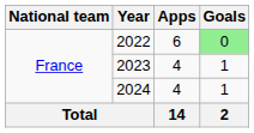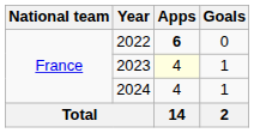 <table class="wikitable" style="text-align: center;">
 <tr>
 <th>National team</th>
 <th>Year</th>
 <th>Apps</th>
 <th>Goals</th>
 </tr>
 <tr>
 <td rowspan="3"><a href='#'>France</a></td>
 <td>2022</td>
-<td>6</td>
-<td style="background: lightgreen;">0</td>
+<td><strong>6</strong></td>
+<td>0</td>
 </tr>
 <tr>
 <td>2023</td>
-<td>4</td>
+<td style="background: lightyellow;">4</td>
 <td>1</td>
 </tr>
 <tr>
 <td>2024</td>
 <td>4</td>
 <td>1</td>
 </tr>
 <tr>
 <th colspan="2">Total</th>
 <th>14</th>
 <th>2</th>
 </tr>
 </table>
